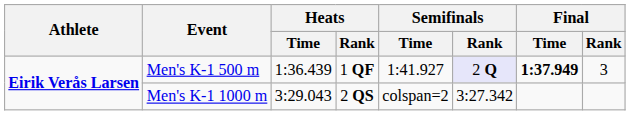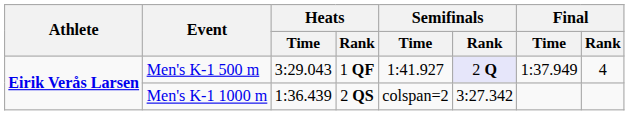 <table class=wikitable style="font-size:90%">
 <tr>
 <th rowspan="2">Athlete</th>
 <th rowspan="2">Event</th>
 <th colspan="2">Heats</th>
 <th colspan="2">Semifinals</th>
 <th colspan="2">Final</th>
 </tr>
 <tr style="font-size:95%">
 <th>Time</th>
 <th>Rank</th>
 <th>Time</th>
 <th>Rank</th>
 <th>Time</th>
 <th>Rank</th>
 </tr>
 <tr align=center>
 <td align=left rowspan=2><strong><a href='#'>Eirik Verås Larsen</a></strong></td>
 <td align=left><a href='#'>Men's K-1 500 m</a></td>
-<td>1:36.439</td>
+<td>3:29.043</td>
 <td>1 <strong>QF</strong></td>
 <td>1:41.927</td>
 <td style="background: lavender;">2 <strong>Q</strong></td>
-<td><strong>1:37.949</strong></td>
-<td>3</td>
+<td>1:37.949</td>
+<td>4</td>
 </tr>
 <tr align=center>
 <td align=left><a href='#'>Men's K-1 1000 m</a></td>
-<td>3:29.043</td>
+<td>1:36.439</td>
 <td>2 <strong>QS</strong></td>
 <td>colspan=2 </td>
 <td>3:27.342</td>
 <td></td>
 </tr>
 </table>
